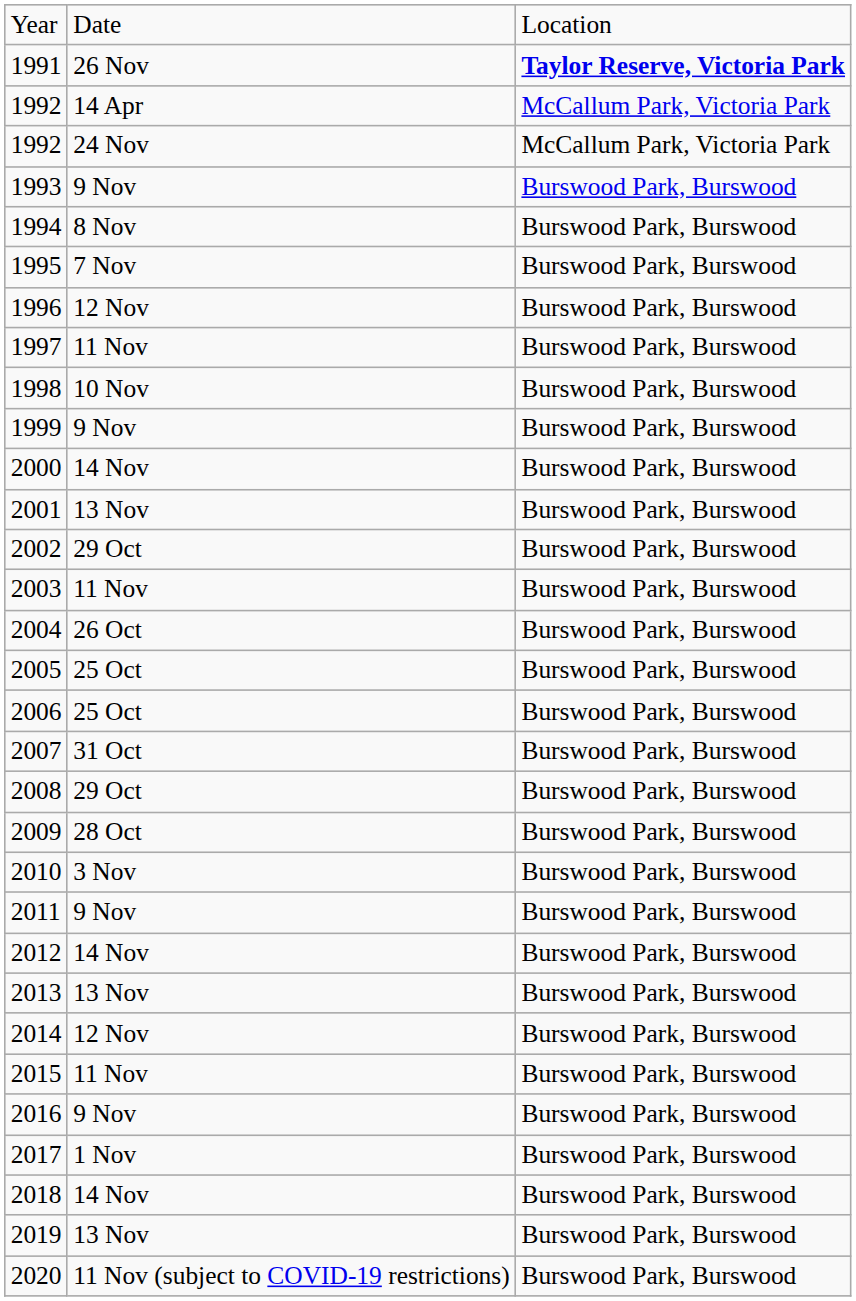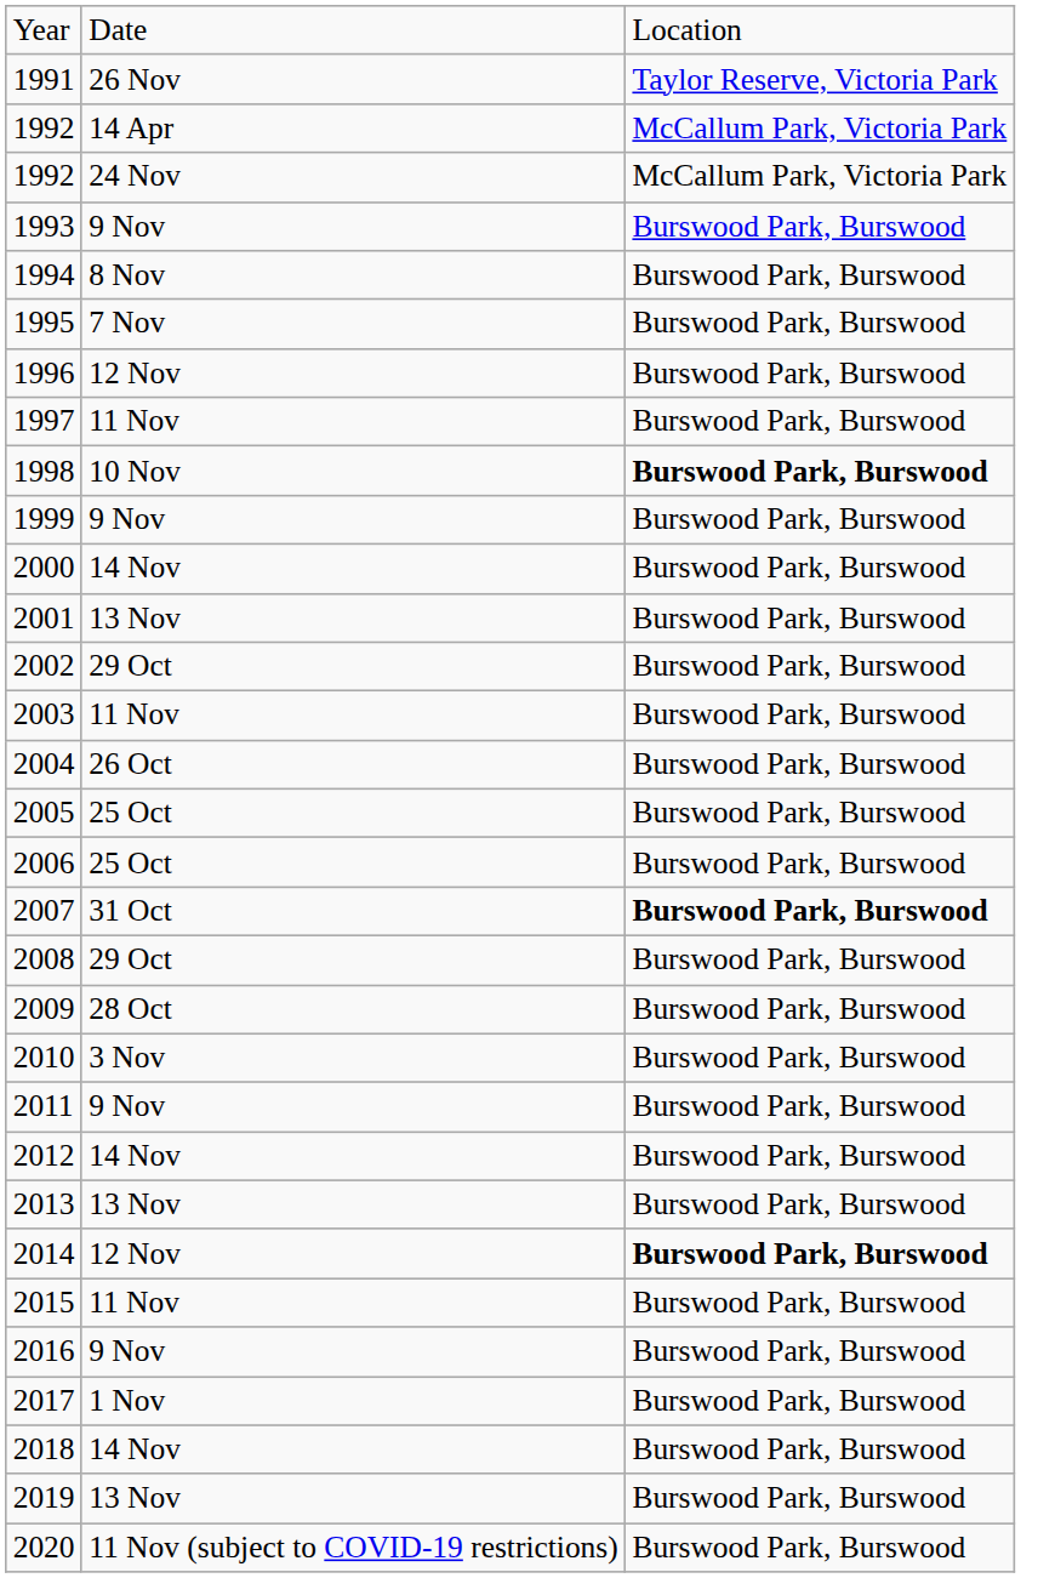 <table class="wikitable">
 <tr>
 <td>Year</td>
 <td>Date</td>
 <td>Location</td>
 </tr>
 <tr>
 <td>1991</td>
 <td>26 Nov</td>
-<td><strong><a href='#'>Taylor Reserve, Victoria Park</a></strong></td>
+<td><a href='#'>Taylor Reserve, Victoria Park</a></td>
 </tr>
 <tr>
 <td>1992</td>
 <td>14 Apr</td>
 <td><a href='#'>McCallum Park, Victoria Park</a></td>
 </tr>
 <tr>
 <td>1992</td>
 <td>24 Nov</td>
 <td>McCallum Park, Victoria Park</td>
 </tr>
 <tr>
 <td>1993</td>
 <td>9 Nov</td>
 <td><a href='#'>Burswood Park, Burswood</a></td>
 </tr>
 <tr>
 <td>1994</td>
 <td>8 Nov</td>
 <td>Burswood Park, Burswood</td>
 </tr>
 <tr>
 <td>1995</td>
 <td>7 Nov</td>
 <td>Burswood Park, Burswood</td>
 </tr>
 <tr>
 <td>1996</td>
 <td>12 Nov</td>
 <td>Burswood Park, Burswood</td>
 </tr>
 <tr>
 <td>1997</td>
 <td>11 Nov</td>
 <td>Burswood Park, Burswood</td>
 </tr>
 <tr>
 <td>1998</td>
 <td>10 Nov</td>
-<td>Burswood Park, Burswood</td>
+<td><strong>Burswood Park, Burswood</strong></td>
 </tr>
 <tr>
 <td>1999</td>
 <td>9 Nov</td>
 <td>Burswood Park, Burswood</td>
 </tr>
 <tr>
 <td>2000</td>
 <td>14 Nov</td>
 <td>Burswood Park, Burswood</td>
 </tr>
 <tr>
 <td>2001</td>
 <td>13 Nov</td>
 <td>Burswood Park, Burswood</td>
 </tr>
 <tr>
 <td>2002</td>
 <td>29 Oct</td>
 <td>Burswood Park, Burswood</td>
 </tr>
 <tr>
 <td>2003</td>
 <td>11 Nov</td>
 <td>Burswood Park, Burswood</td>
 </tr>
 <tr>
 <td>2004</td>
 <td>26 Oct</td>
 <td>Burswood Park, Burswood</td>
 </tr>
 <tr>
 <td>2005</td>
 <td>25 Oct</td>
 <td>Burswood Park, Burswood</td>
 </tr>
 <tr>
 <td>2006</td>
 <td>25 Oct</td>
 <td>Burswood Park, Burswood</td>
 </tr>
 <tr>
 <td>2007</td>
 <td>31 Oct</td>
-<td>Burswood Park, Burswood</td>
+<td><strong>Burswood Park, Burswood</strong></td>
 </tr>
 <tr>
 <td>2008</td>
 <td>29 Oct</td>
 <td>Burswood Park, Burswood</td>
 </tr>
 <tr>
 <td>2009</td>
 <td>28 Oct</td>
 <td>Burswood Park, Burswood</td>
 </tr>
 <tr>
 <td>2010</td>
 <td>3 Nov</td>
 <td>Burswood Park, Burswood</td>
 </tr>
 <tr>
 <td>2011</td>
 <td>9 Nov</td>
 <td>Burswood Park, Burswood</td>
 </tr>
 <tr>
 <td>2012</td>
 <td>14 Nov</td>
 <td>Burswood Park, Burswood</td>
 </tr>
 <tr>
 <td>2013</td>
 <td>13 Nov</td>
 <td>Burswood Park, Burswood</td>
 </tr>
 <tr>
 <td>2014</td>
 <td>12 Nov</td>
-<td>Burswood Park, Burswood</td>
+<td><strong>Burswood Park, Burswood</strong></td>
 </tr>
 <tr>
 <td>2015</td>
 <td>11 Nov</td>
 <td>Burswood Park, Burswood</td>
 </tr>
 <tr>
 <td>2016</td>
 <td>9 Nov</td>
 <td>Burswood Park, Burswood</td>
 </tr>
 <tr>
 <td>2017</td>
 <td>1 Nov</td>
 <td>Burswood Park, Burswood</td>
 </tr>
 <tr>
 <td>2018</td>
 <td>14 Nov</td>
 <td>Burswood Park, Burswood</td>
 </tr>
 <tr>
 <td>2019</td>
 <td>13 Nov</td>
 <td>Burswood Park, Burswood</td>
 </tr>
 <tr>
 <td>2020</td>
 <td>11 Nov (subject to <a href='#'>COVID-19</a> restrictions)</td>
 <td>Burswood Park, Burswood</td>
 </tr>
 </table>
